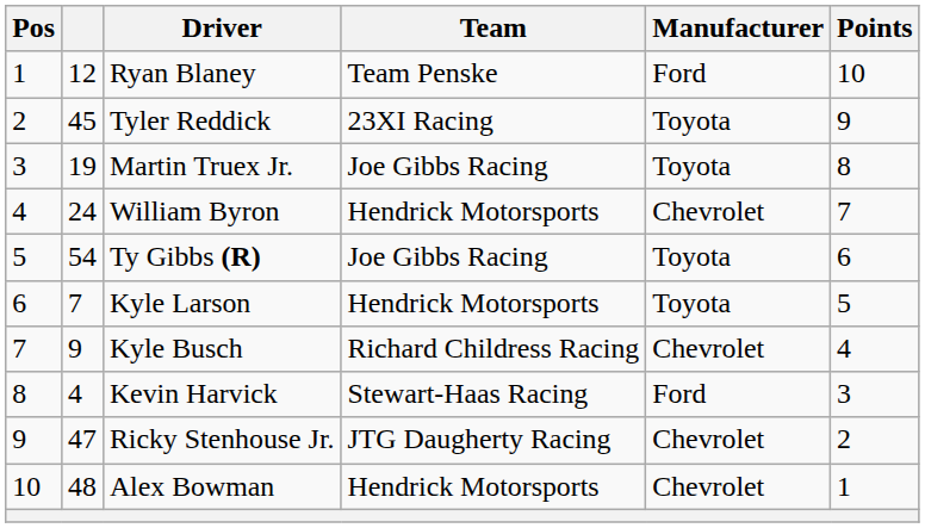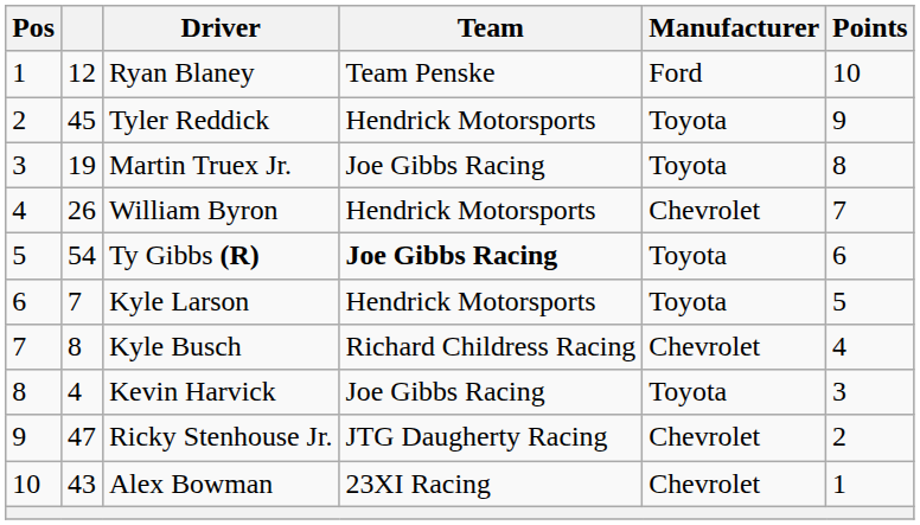 <table class="wikitable" style="font-size:98%">
 <tr>
 <th>Pos</th>
 <th></th>
 <th>Driver</th>
 <th>Team</th>
 <th>Manufacturer</th>
 <th>Points</th>
 </tr>
 <tr>
 <td>1</td>
 <td>12</td>
 <td>Ryan Blaney</td>
 <td>Team Penske</td>
 <td>Ford</td>
 <td>10</td>
 </tr>
 <tr>
 <td>2</td>
 <td>45</td>
 <td>Tyler Reddick</td>
-<td>23XI Racing</td>
+<td>Hendrick Motorsports</td>
 <td>Toyota</td>
 <td>9</td>
 </tr>
 <tr>
 <td>3</td>
 <td>19</td>
 <td>Martin Truex Jr.</td>
 <td>Joe Gibbs Racing</td>
 <td>Toyota</td>
 <td>8</td>
 </tr>
 <tr>
 <td>4</td>
-<td>24</td>
+<td>26</td>
 <td>William Byron</td>
 <td>Hendrick Motorsports</td>
 <td>Chevrolet</td>
 <td>7</td>
 </tr>
 <tr>
 <td>5</td>
 <td>54</td>
 <td>Ty Gibbs <strong>(R)</strong></td>
-<td>Joe Gibbs Racing</td>
+<td><strong>Joe Gibbs Racing</strong></td>
 <td>Toyota</td>
 <td>6</td>
 </tr>
 <tr>
 <td>6</td>
 <td>7</td>
 <td>Kyle Larson</td>
 <td>Hendrick Motorsports</td>
 <td>Toyota</td>
 <td>5</td>
 </tr>
 <tr>
 <td>7</td>
-<td>9</td>
+<td>8</td>
 <td>Kyle Busch</td>
 <td>Richard Childress Racing</td>
 <td>Chevrolet</td>
 <td>4</td>
 </tr>
 <tr>
 <td>8</td>
 <td>4</td>
 <td>Kevin Harvick</td>
-<td>Stewart-Haas Racing</td>
-<td>Ford</td>
+<td>Joe Gibbs Racing</td>
+<td>Toyota</td>
 <td>3</td>
 </tr>
 <tr>
 <td>9</td>
 <td>47</td>
 <td>Ricky Stenhouse Jr.</td>
 <td>JTG Daugherty Racing</td>
 <td>Chevrolet</td>
 <td>2</td>
 </tr>
 <tr>
 <td>10</td>
-<td>48</td>
+<td>43</td>
 <td>Alex Bowman</td>
-<td>Hendrick Motorsports</td>
+<td>23XI Racing</td>
 <td>Chevrolet</td>
 <td>1</td>
 </tr>
 <tr>
 <th colspan="6"></th>
 </tr>
 </table>
